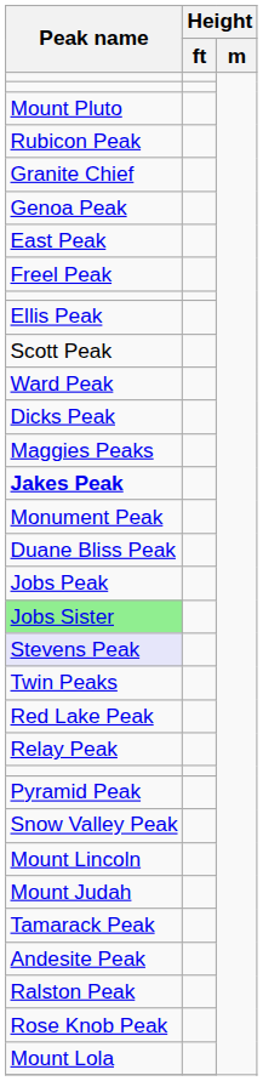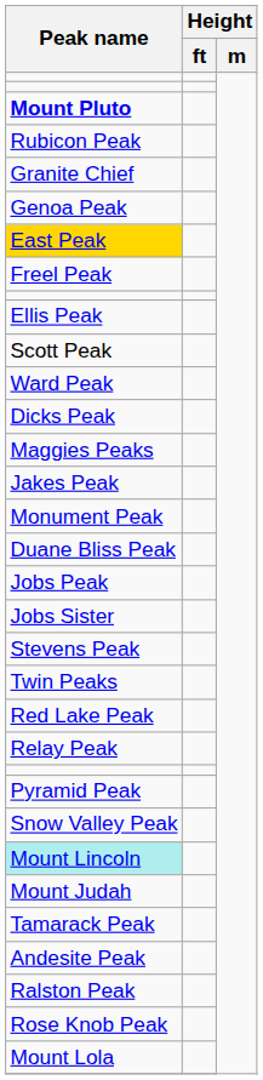 <table class="wikitable sortable">
 <tr>
 <th rowspan=2>Peak name</th>
 <th colspan=2>Height</th>
 </tr>
 <tr>
 <th>ft</th>
 <th>m</th>
 </tr>
 <tr>
 <td></td>
 <td></td>
 </tr>
 <tr>
 <td></td>
 <td></td>
 </tr>
 <tr>
-<td><a href='#'>Mount Pluto</a></td>
+<td><strong><a href='#'>Mount Pluto</a></strong></td>
 <td></td>
 </tr>
 <tr>
 <td><a href='#'>Rubicon Peak</a></td>
 <td></td>
 </tr>
 <tr>
 <td><a href='#'>Granite Chief</a></td>
 <td></td>
 </tr>
 <tr>
 <td><a href='#'>Genoa Peak</a></td>
 <td></td>
 </tr>
 <tr>
-<td><a href='#'>East Peak</a></td>
+<td style="background: gold;"><a href='#'>East Peak</a></td>
 <td></td>
 </tr>
 <tr>
 <td><a href='#'>Freel Peak</a></td>
 <td></td>
 </tr>
 <tr>
 <td></td>
 <td></td>
 </tr>
 <tr>
 <td><a href='#'>Ellis Peak</a></td>
 <td></td>
 </tr>
 <tr>
 <td>Scott Peak</td>
 <td></td>
 </tr>
 <tr>
 <td><a href='#'>Ward Peak</a></td>
 <td></td>
 </tr>
 <tr>
 <td><a href='#'>Dicks Peak</a></td>
 <td></td>
 </tr>
 <tr>
 <td><a href='#'>Maggies Peaks</a></td>
 <td></td>
 </tr>
 <tr>
-<td><strong><a href='#'>Jakes Peak</a></strong></td>
+<td><a href='#'>Jakes Peak</a></td>
 <td></td>
 </tr>
 <tr>
 <td><a href='#'>Monument Peak</a></td>
 <td></td>
 </tr>
 <tr>
 <td><a href='#'>Duane Bliss Peak</a></td>
 <td></td>
 </tr>
 <tr>
 <td><a href='#'>Jobs Peak</a></td>
 <td></td>
 </tr>
 <tr>
-<td style="background: lightgreen;"><a href='#'>Jobs Sister</a></td>
+<td><a href='#'>Jobs Sister</a></td>
 <td></td>
 </tr>
 <tr>
-<td style="background: lavender;"><a href='#'>Stevens Peak</a></td>
+<td><a href='#'>Stevens Peak</a></td>
 <td></td>
 </tr>
 <tr>
 <td><a href='#'>Twin Peaks</a></td>
 <td></td>
 </tr>
 <tr>
 <td><a href='#'>Red Lake Peak</a></td>
 <td></td>
 </tr>
 <tr>
 <td><a href='#'>Relay Peak</a></td>
 <td></td>
 </tr>
 <tr>
 <td></td>
 <td></td>
 </tr>
 <tr>
 <td><a href='#'>Pyramid Peak</a></td>
 <td></td>
 </tr>
 <tr>
 <td><a href='#'>Snow Valley Peak</a></td>
 <td></td>
 </tr>
 <tr>
-<td><a href='#'>Mount Lincoln</a></td>
+<td style="background: paleturquoise;"><a href='#'>Mount Lincoln</a></td>
 <td></td>
 </tr>
 <tr>
 <td><a href='#'>Mount Judah</a></td>
 <td></td>
 </tr>
 <tr>
 <td><a href='#'>Tamarack Peak</a></td>
 <td></td>
 </tr>
 <tr>
 <td><a href='#'>Andesite Peak</a></td>
 <td></td>
 </tr>
 <tr>
 <td><a href='#'>Ralston Peak</a></td>
 <td></td>
 </tr>
 <tr>
 <td><a href='#'>Rose Knob Peak</a></td>
 <td></td>
 </tr>
 <tr>
 <td><a href='#'>Mount Lola</a></td>
 <td></td>
 </tr>
 <tr>
 </tr>
 </table>
